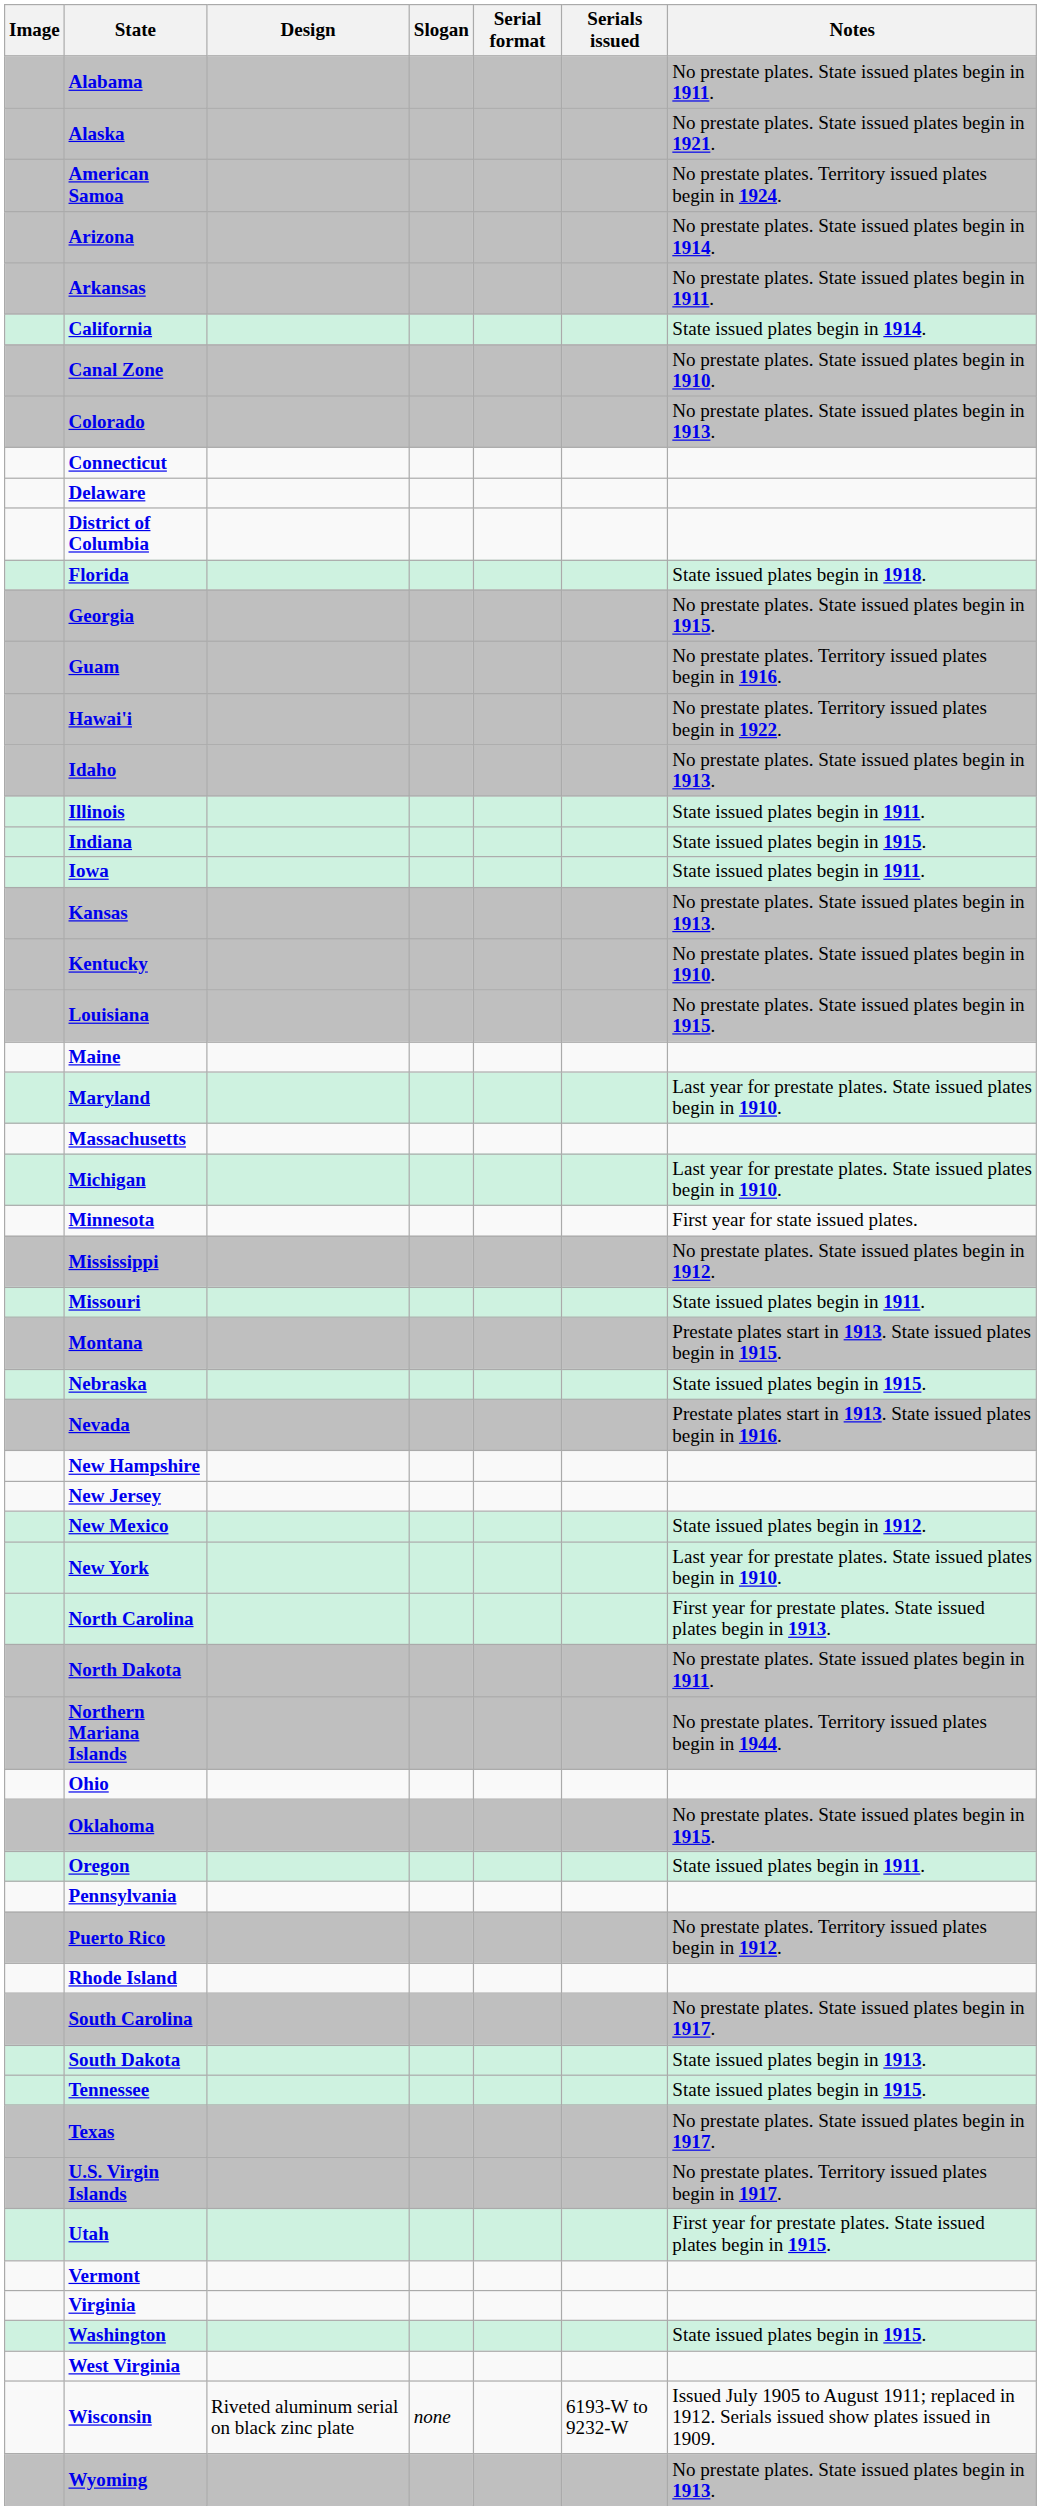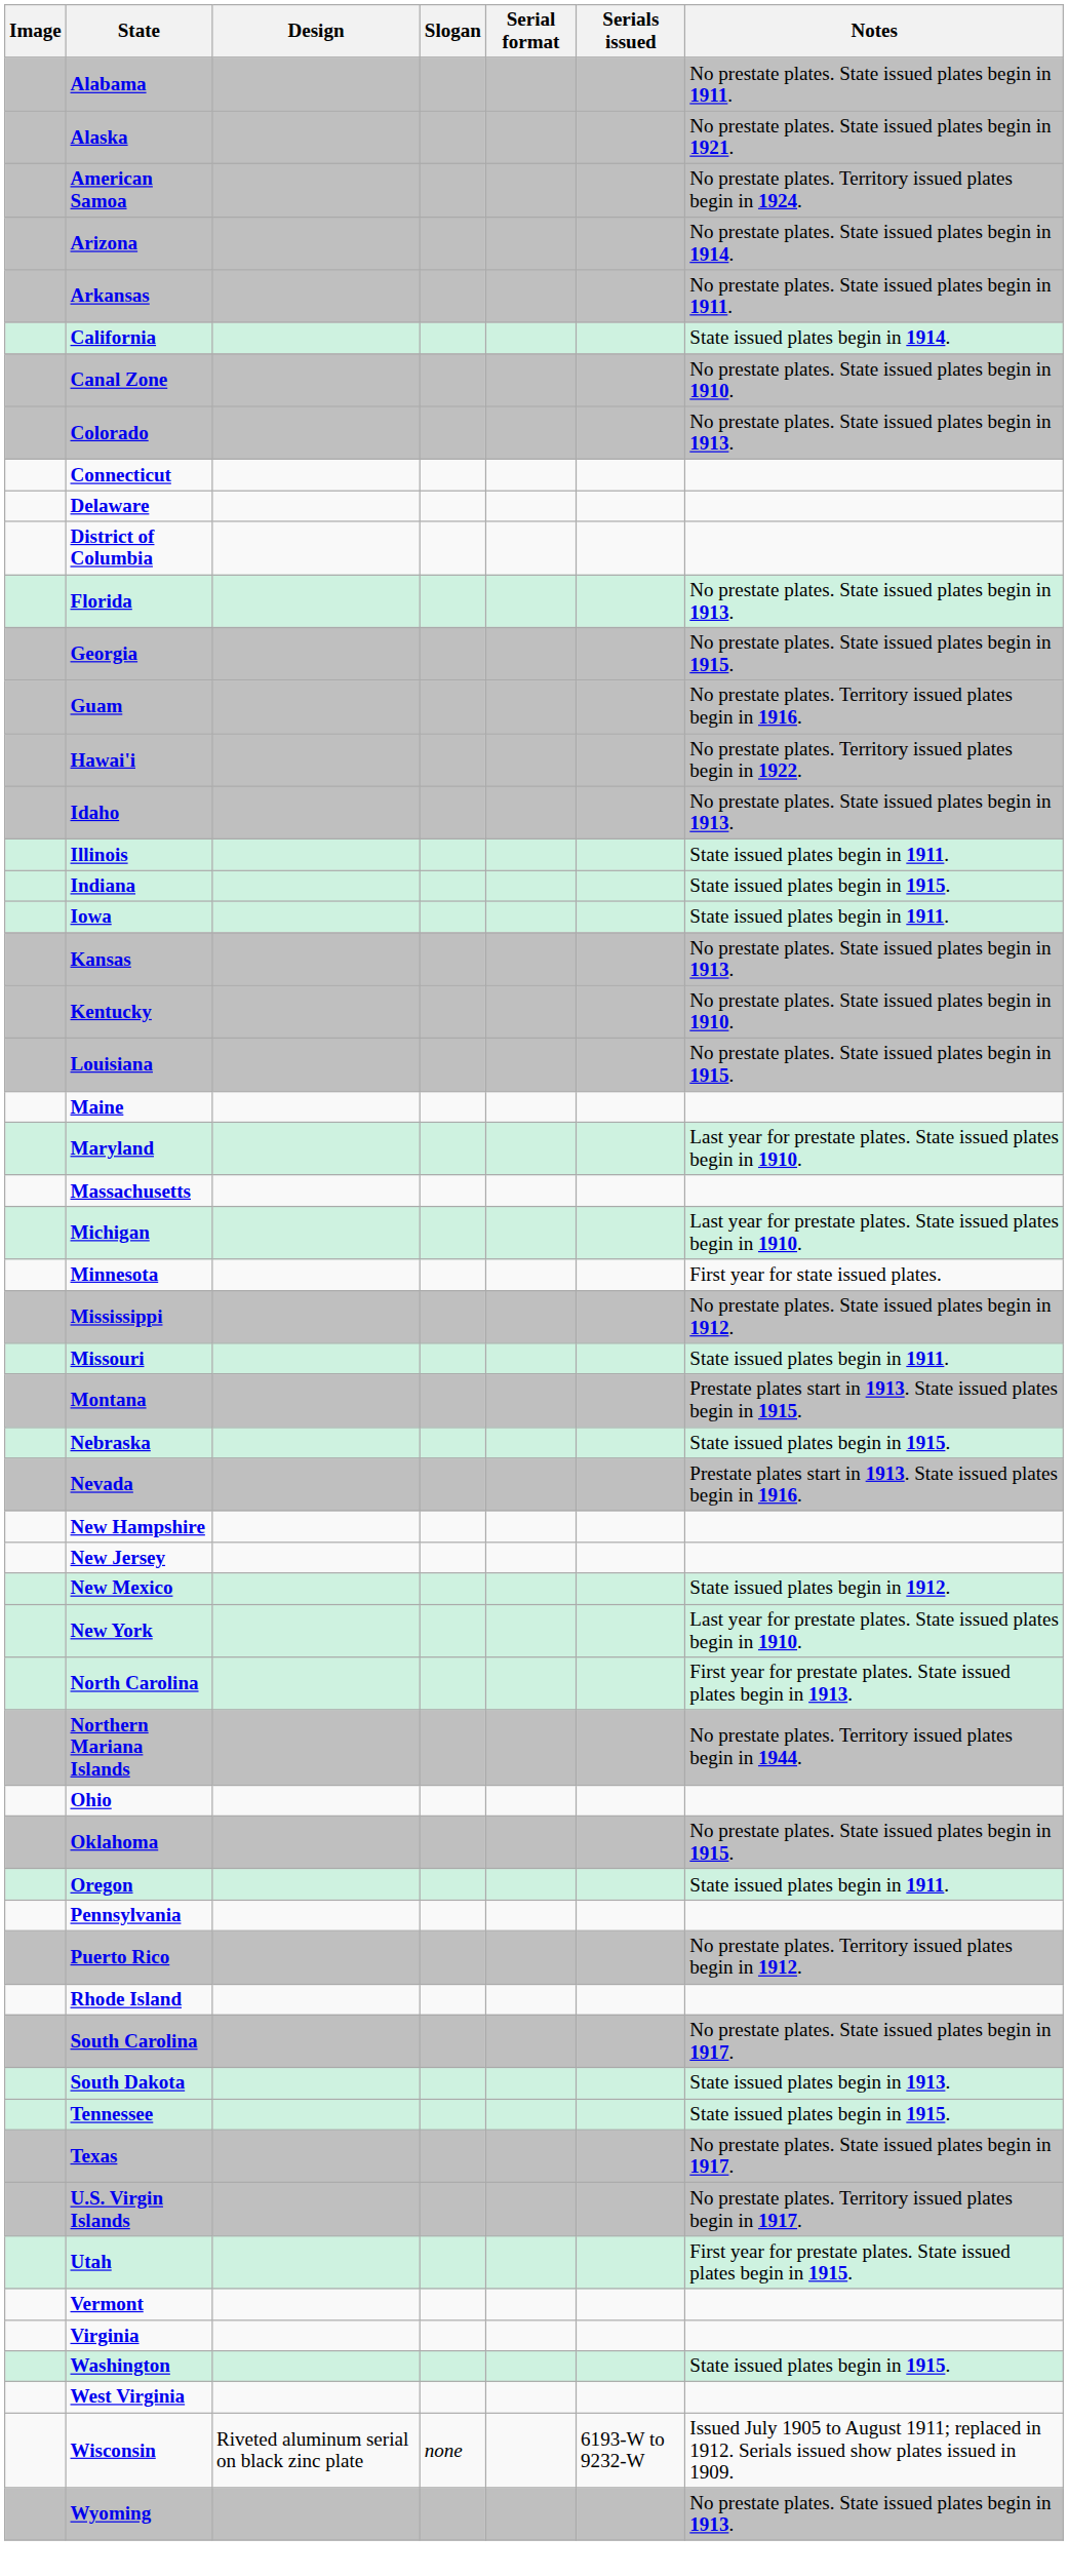 <table class="wikitable">
 <tr>
 <th>Image</th>
 <th>State</th>
 <th>Design</th>
 <th>Slogan</th>
 <th>Serial format</th>
 <th>Serials issued</th>
 <th>Notes</th>
 </tr>
 <tr style="background:#BFBFBF";>
 <td></td>
 <td><strong><a href='#'>Alabama</a></strong></td>
 <td></td>
 <td></td>
 <td></td>
 <td></td>
 <td>No prestate plates. State issued plates begin in <a href='#'><strong>1911</strong></a>.</td>
 </tr>
 <tr style="background:#BFBFBF";>
 <td></td>
 <td><strong><a href='#'>Alaska</a></strong></td>
 <td></td>
 <td></td>
 <td></td>
 <td></td>
 <td>No prestate plates. State issued plates begin in <a href='#'><strong>1921</strong></a>.</td>
 </tr>
 <tr style="background:#BFBFBF";>
 <td></td>
 <td><strong><a href='#'>American Samoa</a></strong></td>
 <td></td>
 <td></td>
 <td></td>
 <td></td>
 <td>No prestate plates. Territory issued plates begin in <a href='#'><strong>1924</strong></a>.</td>
 </tr>
 <tr style="background:#BFBFBF";>
 <td></td>
 <td><strong><a href='#'>Arizona</a></strong></td>
 <td></td>
 <td></td>
 <td></td>
 <td></td>
 <td>No prestate plates. State issued plates begin in <a href='#'><strong>1914</strong></a>.</td>
 </tr>
 <tr style="background:#BFBFBF";>
 <td></td>
 <td><strong><a href='#'>Arkansas</a></strong></td>
 <td></td>
 <td></td>
 <td></td>
 <td></td>
 <td>No prestate plates. State issued plates begin in <a href='#'><strong>1911</strong></a>.</td>
 </tr>
 <tr style="background:#CEF2E0";>
 <td></td>
 <td><strong><a href='#'>California</a></strong></td>
 <td></td>
 <td></td>
 <td></td>
 <td></td>
 <td>State issued plates begin in <a href='#'><strong>1914</strong></a>.</td>
 </tr>
 <tr style="background:#BFBFBF";>
 <td></td>
 <td><strong><a href='#'>Canal Zone</a></strong></td>
 <td></td>
 <td></td>
 <td></td>
 <td></td>
 <td>No prestate plates. State issued plates begin in <a href='#'><strong>1910</strong></a>.</td>
 </tr>
 <tr style="background:#BFBFBF";>
 <td></td>
 <td><strong><a href='#'>Colorado</a></strong></td>
 <td></td>
 <td></td>
 <td></td>
 <td></td>
 <td>No prestate plates. State issued plates begin in <a href='#'><strong>1913</strong></a>.</td>
 </tr>
 <tr>
 <td></td>
 <td><strong><a href='#'>Connecticut</a></strong></td>
 <td></td>
 <td></td>
 <td></td>
 <td></td>
 <td></td>
 </tr>
 <tr>
 <td></td>
 <td><strong><a href='#'>Delaware</a></strong></td>
 <td></td>
 <td></td>
 <td></td>
 <td></td>
 <td></td>
 </tr>
 <tr>
 <td></td>
 <td><strong><a href='#'>District of<br>Columbia</a></strong></td>
 <td></td>
 <td></td>
 <td></td>
 <td></td>
 <td></td>
 </tr>
 <tr style="background:#CEF2E0";>
 <td></td>
 <td><strong><a href='#'>Florida</a></strong></td>
 <td></td>
 <td></td>
 <td></td>
 <td></td>
-<td>State issued plates begin in <a href='#'><strong>1918</strong></a>.</td>
+<td>No prestate plates. State issued plates begin in <a href='#'><strong>1913</strong></a>.</td>
 </tr>
 <tr style="background:#BFBFBF";>
 <td></td>
 <td><strong><a href='#'>Georgia</a></strong></td>
 <td></td>
 <td></td>
 <td></td>
 <td></td>
 <td>No prestate plates.  State issued plates begin in <a href='#'><strong>1915</strong></a>.</td>
 </tr>
 <tr style="background:#BFBFBF";>
 <td></td>
 <td><strong><a href='#'>Guam</a></strong></td>
 <td></td>
 <td></td>
 <td></td>
 <td></td>
 <td>No prestate plates. Territory issued plates begin in <a href='#'><strong>1916</strong></a>.</td>
 </tr>
 <tr style="background:#BFBFBF";>
 <td></td>
 <td><strong><a href='#'>Hawai'i</a></strong></td>
 <td></td>
 <td></td>
 <td></td>
 <td></td>
 <td>No prestate plates. Territory issued plates begin in <a href='#'><strong>1922</strong></a>.</td>
 </tr>
 <tr style="background:#BFBFBF";>
 <td></td>
 <td><strong><a href='#'>Idaho</a></strong></td>
 <td></td>
 <td></td>
 <td></td>
 <td></td>
 <td>No prestate plates. State issued plates begin in <a href='#'><strong>1913</strong></a>.</td>
 </tr>
 <tr style="background:#CEF2E0;">
 <td></td>
 <td><strong><a href='#'>Illinois</a></strong></td>
 <td></td>
 <td></td>
 <td></td>
 <td></td>
 <td>State issued plates begin in <a href='#'><strong>1911</strong></a>.</td>
 </tr>
 <tr style="background:#CEF2E0;">
 <td></td>
 <td><strong><a href='#'>Indiana</a></strong></td>
 <td></td>
 <td></td>
 <td></td>
 <td></td>
 <td>State issued plates begin in <a href='#'><strong>1915</strong></a>.</td>
 </tr>
 <tr style="background:#CEF2E0;">
 <td></td>
 <td><strong><a href='#'>Iowa</a></strong></td>
 <td></td>
 <td></td>
 <td></td>
 <td></td>
 <td>State issued plates begin in <a href='#'><strong>1911</strong></a>.</td>
 </tr>
 <tr style="background:#BFBFBF";>
 <td></td>
 <td><strong><a href='#'>Kansas</a></strong></td>
 <td></td>
 <td></td>
 <td></td>
 <td></td>
 <td>No prestate plates. State issued plates begin in <a href='#'><strong>1913</strong></a>.</td>
 </tr>
 <tr style="background:#BFBFBF";>
 <td></td>
 <td><strong><a href='#'>Kentucky</a></strong></td>
 <td></td>
 <td></td>
 <td></td>
 <td></td>
 <td>No prestate plates. State issued plates begin in <a href='#'><strong>1910</strong></a>.</td>
 </tr>
 <tr style="background:#BFBFBF";>
 <td></td>
 <td><strong><a href='#'>Louisiana</a></strong></td>
 <td></td>
 <td></td>
 <td></td>
 <td></td>
 <td>No prestate plates.  State issued plates begin in <a href='#'><strong>1915</strong></a>.</td>
 </tr>
 <tr>
 <td></td>
 <td><strong><a href='#'>Maine</a></strong></td>
 <td></td>
 <td></td>
 <td></td>
 <td></td>
 <td></td>
 </tr>
 <tr style="background:#CEF2E0;">
 <td></td>
 <td><strong><a href='#'>Maryland</a></strong></td>
 <td></td>
 <td></td>
 <td></td>
 <td></td>
 <td>Last year for prestate plates. State issued plates begin in <a href='#'><strong>1910</strong></a>.</td>
 </tr>
 <tr>
 <td></td>
 <td><strong><a href='#'>Massachusetts</a></strong></td>
 <td></td>
 <td></td>
 <td></td>
 <td></td>
 <td></td>
 </tr>
 <tr style="background:#CEF2E0;">
 <td></td>
 <td><strong><a href='#'>Michigan</a></strong></td>
 <td></td>
 <td></td>
 <td></td>
 <td></td>
 <td>Last year for prestate plates. State issued plates begin in <a href='#'><strong>1910</strong></a>.</td>
 </tr>
 <tr>
 <td></td>
 <td><strong><a href='#'>Minnesota</a></strong></td>
 <td></td>
 <td></td>
 <td></td>
 <td></td>
 <td>First year for state issued plates.</td>
 </tr>
 <tr style="background:#BFBFBF";>
 <td></td>
 <td><strong><a href='#'>Mississippi</a></strong></td>
 <td></td>
 <td></td>
 <td></td>
 <td></td>
 <td>No prestate plates. State issued plates begin in <a href='#'><strong>1912</strong></a>.</td>
 </tr>
 <tr style="background:#CEF2E0;">
 <td></td>
 <td><strong><a href='#'>Missouri</a></strong></td>
 <td></td>
 <td></td>
 <td></td>
 <td></td>
 <td>State issued plates begin in <a href='#'><strong>1911</strong></a>.</td>
 </tr>
 <tr style="background:#BFBFBF";>
 <td></td>
 <td><strong><a href='#'>Montana</a></strong></td>
 <td></td>
 <td></td>
 <td></td>
 <td></td>
 <td>Prestate plates start in <a href='#'><strong>1913</strong></a>. State issued plates begin in <a href='#'><strong>1915</strong></a>.</td>
 </tr>
 <tr style="background:#CEF2E0;">
 <td></td>
 <td><strong><a href='#'>Nebraska</a></strong></td>
 <td></td>
 <td></td>
 <td></td>
 <td></td>
 <td>State issued plates begin in <a href='#'><strong>1915</strong></a>.</td>
 </tr>
 <tr style="background:#BFBFBF";>
 <td></td>
 <td><strong><a href='#'>Nevada</a></strong></td>
 <td></td>
 <td></td>
 <td></td>
 <td></td>
 <td>Prestate plates start in <a href='#'><strong>1913</strong></a>. State issued plates begin in <a href='#'><strong>1916</strong></a>.</td>
 </tr>
 <tr>
 <td></td>
 <td><strong><a href='#'>New Hampshire</a></strong></td>
 <td></td>
 <td></td>
 <td></td>
 <td></td>
 <td></td>
 </tr>
 <tr>
 <td></td>
 <td><strong><a href='#'>New Jersey</a></strong></td>
 <td></td>
 <td></td>
 <td></td>
 <td></td>
 <td></td>
 </tr>
 <tr style="background:#CEF2E0;">
 <td></td>
 <td><strong><a href='#'>New Mexico</a></strong></td>
 <td></td>
 <td></td>
 <td></td>
 <td></td>
 <td>State issued plates begin in <a href='#'><strong>1912</strong></a>.</td>
 </tr>
 <tr style="background:#CEF2E0;">
 <td></td>
 <td><strong><a href='#'>New York</a></strong></td>
 <td></td>
 <td></td>
 <td></td>
 <td></td>
 <td>Last year for prestate plates. State issued plates begin in <a href='#'><strong>1910</strong></a>.</td>
 </tr>
 <tr style="background:#CEF2E0";>
 <td></td>
 <td><strong><a href='#'>North Carolina</a></strong></td>
 <td></td>
 <td></td>
 <td></td>
 <td></td>
 <td>First year for prestate plates. State issued plates begin in <a href='#'><strong>1913</strong></a>.</td>
 </tr>
 <tr style="background:#BFBFBF";>
 <td></td>
-<td><strong><a href='#'>North Dakota</a></strong></td>
-<td></td>
-<td></td>
-<td></td>
-<td></td>
-<td>No prestate plates. State issued plates begin in <a href='#'><strong>1911</strong></a>.</td>
-</tr>
-<tr style="background:#BFBFBF";>
-<td></td>
 <td><strong><a href='#'>Northern Mariana<br> Islands</a></strong></td>
 <td></td>
 <td></td>
 <td></td>
 <td></td>
 <td>No prestate plates. Territory issued plates begin in <a href='#'><strong>1944</strong></a>.</td>
 </tr>
 <tr>
 <td></td>
 <td><strong><a href='#'>Ohio</a></strong></td>
 <td></td>
 <td></td>
 <td></td>
 <td></td>
 <td></td>
 </tr>
 <tr style="background:#BFBFBF";>
 <td></td>
 <td><strong><a href='#'>Oklahoma</a></strong></td>
 <td></td>
 <td></td>
 <td></td>
 <td></td>
 <td>No prestate plates. State issued plates begin in <a href='#'><strong>1915</strong></a>.</td>
 </tr>
 <tr style="background:#CEF2E0";>
 <td></td>
 <td><strong><a href='#'>Oregon</a></strong></td>
 <td></td>
 <td></td>
 <td></td>
 <td></td>
 <td>State issued plates begin in <a href='#'><strong>1911</strong></a>.</td>
 </tr>
 <tr>
 <td></td>
 <td><strong><a href='#'>Pennsylvania</a></strong></td>
 <td></td>
 <td></td>
 <td></td>
 <td></td>
 <td></td>
 </tr>
 <tr style="background:#BFBFBF";>
 <td></td>
 <td><strong><a href='#'>Puerto Rico</a></strong></td>
 <td></td>
 <td></td>
 <td></td>
 <td></td>
 <td>No prestate plates. Territory issued plates begin in <a href='#'><strong>1912</strong></a>.</td>
 </tr>
 <tr>
 <td></td>
 <td><strong><a href='#'>Rhode Island</a></strong></td>
 <td></td>
 <td></td>
 <td></td>
 <td></td>
 <td></td>
 </tr>
 <tr style="background:#BFBFBF";>
 <td></td>
 <td><strong><a href='#'>South Carolina</a></strong></td>
 <td></td>
 <td></td>
 <td></td>
 <td></td>
 <td>No prestate plates. State issued plates begin in <a href='#'><strong>1917</strong></a>.</td>
 </tr>
 <tr style="background:#CEF2E0";>
 <td></td>
 <td><strong><a href='#'>South Dakota</a></strong></td>
 <td></td>
 <td></td>
 <td></td>
 <td></td>
 <td>State issued plates begin in <a href='#'><strong>1913</strong></a>.</td>
 </tr>
 <tr style="background:#CEF2E0";>
 <td></td>
 <td><strong><a href='#'>Tennessee</a></strong></td>
 <td></td>
 <td></td>
 <td></td>
 <td></td>
 <td>State issued plates begin in <a href='#'><strong>1915</strong></a>.</td>
 </tr>
 <tr style="background:#BFBFBF">
 <td></td>
 <td><strong><a href='#'>Texas</a></strong></td>
 <td></td>
 <td></td>
 <td></td>
 <td></td>
 <td>No prestate plates. State issued plates begin in <a href='#'><strong>1917</strong></a>.</td>
 </tr>
 <tr style="background:#BFBFBF">
 <td></td>
 <td><strong><a href='#'>U.S. Virgin Islands</a></strong></td>
 <td></td>
 <td></td>
 <td></td>
 <td></td>
 <td>No prestate plates. Territory issued plates begin in <a href='#'><strong>1917</strong></a>.</td>
 </tr>
 <tr style="background:#CEF2E0";>
 <td></td>
 <td><strong><a href='#'>Utah</a></strong></td>
 <td></td>
 <td></td>
 <td></td>
 <td></td>
 <td>First year for prestate plates. State issued plates begin in <a href='#'><strong>1915</strong></a>.</td>
 </tr>
 <tr>
 <td></td>
 <td><strong><a href='#'>Vermont</a></strong></td>
 <td></td>
 <td></td>
 <td></td>
 <td></td>
 <td></td>
 </tr>
 <tr>
 <td></td>
 <td><strong><a href='#'>Virginia</a></strong></td>
 <td></td>
 <td></td>
 <td></td>
 <td></td>
 <td></td>
 </tr>
 <tr style="background:#CEF2E0";>
 <td></td>
 <td><strong><a href='#'>Washington</a></strong></td>
 <td></td>
 <td></td>
 <td></td>
 <td></td>
 <td>State issued plates begin in <a href='#'><strong>1915</strong></a>.</td>
 </tr>
 <tr>
 <td></td>
 <td><strong><a href='#'>West Virginia</a></strong></td>
 <td></td>
 <td></td>
 <td></td>
 <td></td>
 <td></td>
 </tr>
 <tr>
 <td></td>
 <td><strong><a href='#'>Wisconsin</a></strong></td>
 <td>Riveted aluminum serial on black zinc plate</td>
 <td><em>none</em></td>
 <td></td>
 <td>6193-W to 9232-W</td>
 <td>Issued July 1905 to August 1911; replaced in 1912. Serials issued show plates issued in 1909.</td>
 </tr>
 <tr style="background:#BFBFBF";>
 <td></td>
 <td><strong><a href='#'>Wyoming</a></strong></td>
 <td></td>
 <td></td>
 <td></td>
 <td></td>
 <td>No prestate plates. State issued plates begin in <a href='#'><strong>1913</strong></a>.</td>
 </tr>
 </table>
